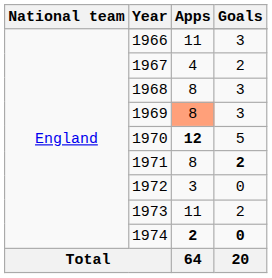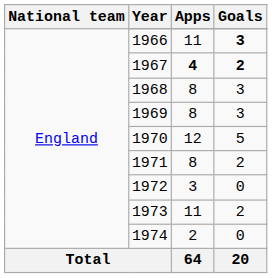 <table class="wikitable" style="text-align: center;">
 <tr>
 <th>National team</th>
 <th>Year</th>
 <th>Apps</th>
 <th>Goals</th>
 </tr>
 <tr>
 <td rowspan="10"><a href='#'>England</a></td>
 </tr>
 <tr>
 <td>1966</td>
 <td>11</td>
-<td>3</td>
+<td><strong>3</strong></td>
 </tr>
 <tr>
 <td>1967</td>
-<td>4</td>
-<td>2</td>
+<td><strong>4</strong></td>
+<td><strong>2</strong></td>
 </tr>
 <tr>
 <td>1968</td>
 <td>8</td>
 <td>3</td>
 </tr>
 <tr>
 <td>1969</td>
-<td style="background: lightsalmon;">8</td>
+<td>8</td>
 <td>3</td>
 </tr>
 <tr>
 <td>1970</td>
-<td><strong>12</strong></td>
+<td>12</td>
 <td>5</td>
 </tr>
 <tr>
 <td>1971</td>
 <td>8</td>
-<td><strong>2</strong></td>
+<td>2</td>
 </tr>
 <tr>
 <td>1972</td>
 <td>3</td>
 <td>0</td>
 </tr>
 <tr>
 <td>1973</td>
 <td>11</td>
 <td>2</td>
 </tr>
 <tr>
 <td>1974</td>
-<td><strong>2</strong></td>
-<td><strong>0</strong></td>
+<td>2</td>
+<td>0</td>
 </tr>
 <tr>
 <th colspan="2">Total</th>
 <th>64</th>
 <th>20</th>
 </tr>
 </table>
